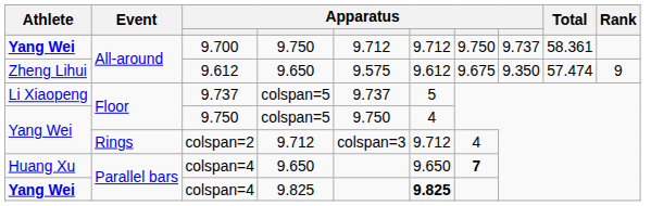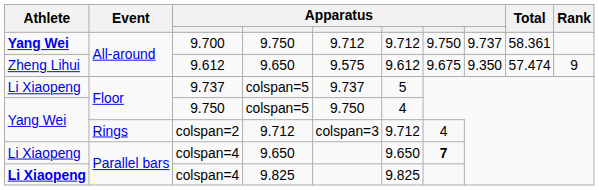 <table class=wikitable style=font-size:90%;text-align:center>
 <tr>
 <th rowspan=2>Athlete</th>
 <th rowspan=2>Event</th>
 <th colspan =6>Apparatus</th>
 <th rowspan=2>Total</th>
 <th rowspan=2>Rank</th>
 </tr>
 <tr style="font-size:95%">
 <th></th>
 <th></th>
 <th></th>
 <th></th>
 <th></th>
 <th></th>
 </tr>
 <tr>
 <td align=left><strong><a href='#'>Yang Wei</a></strong></td>
 <td align=left rowspan=2><a href='#'>All-around</a></td>
 <td>9.700</td>
 <td>9.750</td>
 <td>9.712</td>
 <td>9.712</td>
 <td>9.750</td>
 <td>9.737</td>
 <td>58.361</td>
 <td></td>
 </tr>
 <tr>
 <td align=left><a href='#'>Zheng Lihui</a></td>
 <td>9.612</td>
 <td>9.650</td>
 <td>9.575</td>
 <td>9.612</td>
 <td>9.675</td>
 <td>9.350</td>
 <td>57.474</td>
 <td>9</td>
 </tr>
 <tr>
 <td align=left><a href='#'>Li Xiaopeng</a></td>
 <td align=left rowspan=2><a href='#'>Floor</a></td>
 <td>9.737</td>
 <td>colspan=5 </td>
 <td>9.737</td>
 <td>5</td>
 </tr>
 <tr>
 <td align=left rowspan=2><a href='#'>Yang Wei</a></td>
 <td>9.750</td>
 <td>colspan=5 </td>
 <td>9.750</td>
 <td>4</td>
 </tr>
 <tr>
 <td align=left><a href='#'>Rings</a></td>
 <td>colspan=2 </td>
 <td>9.712</td>
 <td>colspan=3 </td>
 <td>9.712</td>
 <td>4</td>
 </tr>
 <tr>
-<td align=left><a href='#'>Huang Xu</a></td>
+<td align=left><a href='#'>Li Xiaopeng</a></td>
 <td align=left rowspan=2><a href='#'>Parallel bars</a></td>
 <td>colspan=4 </td>
 <td>9.650</td>
 <td></td>
 <td>9.650</td>
 <td><strong>7</strong></td>
 </tr>
 <tr>
-<td align=left><strong><a href='#'>Yang Wei</a></strong></td>
+<td align=left><strong><a href='#'>Li Xiaopeng</a></strong></td>
 <td>colspan=4 </td>
 <td>9.825</td>
 <td></td>
-<td><strong>9.825</strong></td>
+<td>9.825</td>
 <td></td>
 </tr>
 </table>
